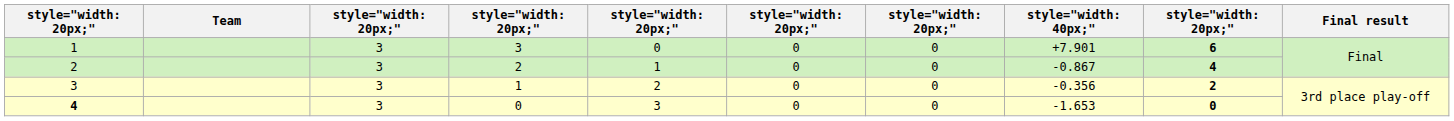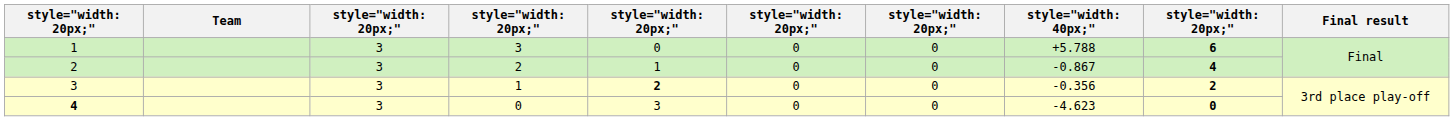 <table class="wikitable" border="1" style="text-align: center;">
 <tr>
 <th>style="width: 20px;"</th>
 <th style="width: 175px;">Team</th>
 <th>style="width: 20px;"</th>
 <th>style="width: 20px;"</th>
 <th>style="width: 20px;"</th>
 <th>style="width: 20px;"</th>
 <th>style="width: 20px;"</th>
 <th>style="width: 40px;"</th>
 <th>style="width: 20px;"</th>
 <th style="width: 175px;">Final result</th>
 </tr>
 <tr style="background:#D0F0C0;">
 <td>1</td>
 <td style="text-align:left"></td>
 <td>3</td>
 <td>3</td>
 <td>0</td>
 <td>0</td>
 <td>0</td>
-<td>+7.901</td>
+<td>+5.788</td>
 <td><strong>6</strong></td>
 <td rowspan=2>Final</td>
 </tr>
 <tr style="background:#D0F0C0;">
 <td>2</td>
 <td style="text-align:left"></td>
 <td>3</td>
 <td>2</td>
 <td>1</td>
 <td>0</td>
 <td>0</td>
 <td>-0.867</td>
 <td><strong>4</strong></td>
 </tr>
 <tr style="background:#ffc;">
 <td>3</td>
 <td style="text-align:left"></td>
 <td>3</td>
 <td>1</td>
-<td>2</td>
+<td><strong>2</strong></td>
 <td>0</td>
 <td>0</td>
 <td>-0.356</td>
 <td><strong>2</strong></td>
 <td rowspan=2>3rd place play-off</td>
 </tr>
 <tr style="background:#ffc;">
 <td><strong>4</strong></td>
 <td style="text-align:left"></td>
 <td>3</td>
 <td>0</td>
 <td>3</td>
 <td>0</td>
 <td>0</td>
-<td>-1.653</td>
+<td>-4.623</td>
 <td><strong>0</strong></td>
 </tr>
 </table>
